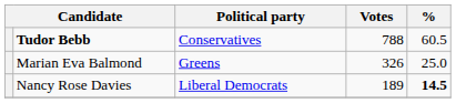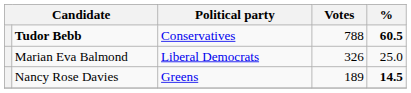 <table class="wikitable">
 <tr>
 <th valign=top colspan="2" style="width: 180px">Candidate</th>
 <th valign=top style="width: 180px">Political party</th>
 <th valign=top style="width: 60px">Votes</th>
 <th valign=top style="width: 40px">%</th>
 </tr>
 <tr>
 <th style="background-color: "></th>
 <td><strong>Tudor Bebb</strong></td>
 <td><a href='#'>Conservatives</a></td>
 <td align="right">788</td>
-<td align="right">60.5</td>
+<td align="right"><strong>60.5</strong></td>
 </tr>
 <tr>
 <th style="background-color: "></th>
 <td>Marian Eva Balmond</td>
-<td><a href='#'>Greens</a></td>
+<td><a href='#'>Liberal Democrats</a></td>
 <td align="right">326</td>
 <td align="right">25.0</td>
 </tr>
 <tr>
 <th style="background-color: "></th>
 <td>Nancy Rose Davies</td>
-<td><a href='#'>Liberal Democrats</a></td>
+<td><a href='#'>Greens</a></td>
 <td align="right">189</td>
 <td align="right"><strong>14.5</strong></td>
 </tr>
 <tr>
 </tr>
 </table>
